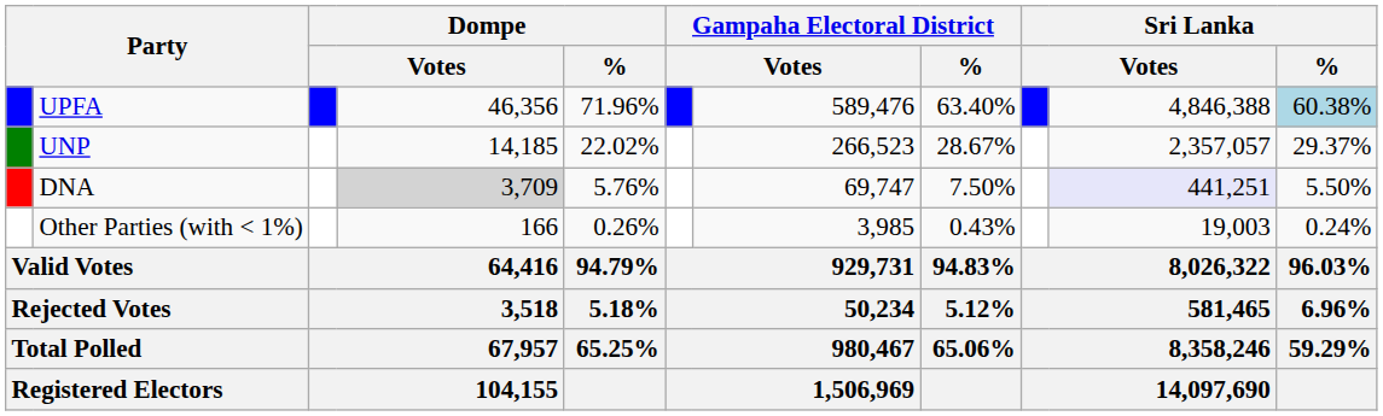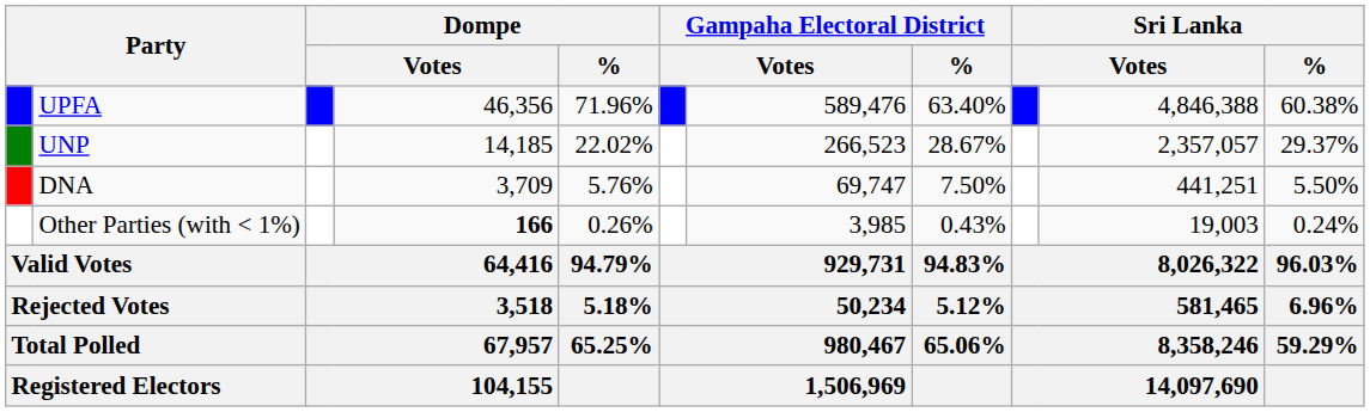 <table class="wikitable">
 <tr>
 <th colspan="2" width="144px"rowspan="2">Party</th>
 <th colspan="3" width="216px">Dompe</th>
 <th colspan="3" width="216px"><a href='#'>Gampaha Electoral District</a></th>
 <th colspan="3" width="216px">Sri Lanka</th>
 </tr>
 <tr>
 <th colspan="2" width="144px">Votes</th>
 <th>%</th>
 <th colspan="2" width="144px">Votes</th>
 <th>%</th>
 <th colspan="2" width="144px">Votes</th>
 <th>%</th>
 </tr>
 <tr>
 <td style="background-color:blue;" width="10px"></td>
 <td style="text-align:left;"><a href='#'>UPFA</a></td>
 <td style="background-color:blue;" width="10px"></td>
 <td style="text-align:right;">46,356</td>
 <td style="text-align:right;">71.96%</td>
 <td style="background-color:blue;" width="10px"></td>
 <td style="text-align:right;">589,476</td>
 <td style="text-align:right;">63.40%</td>
 <td style="background-color:blue;" width="10px"></td>
 <td style="text-align:right;">4,846,388</td>
-<td style="background: lightblue; text-align:right;">60.38%</td>
+<td style="text-align:right;">60.38%</td>
 </tr>
 <tr>
 <td style="background-color:green;" width="10px"></td>
 <td style="text-align:left;"><a href='#'>UNP</a></td>
 <td style="background-color:white;" width="10px"></td>
 <td style="text-align:right;">14,185</td>
 <td style="text-align:right;">22.02%</td>
 <td style="background-color:white;" width="10px"></td>
 <td style="text-align:right;">266,523</td>
 <td style="text-align:right;">28.67%</td>
 <td style="background-color:white;" width="10px"></td>
 <td style="text-align:right;">2,357,057</td>
 <td style="text-align:right;">29.37%</td>
 </tr>
 <tr>
 <td style="background-color:red;" width="10px"></td>
 <td style="text-align:left;">DNA</td>
 <td style="background-color:white;" width="10px"></td>
-<td style="background: lightgrey; text-align:right;">3,709</td>
+<td style="text-align:right;">3,709</td>
 <td style="text-align:right;">5.76%</td>
 <td style="background-color:white;" width="10px"></td>
 <td style="text-align:right;">69,747</td>
 <td style="text-align:right;">7.50%</td>
 <td style="background-color:white;" width="10px"></td>
-<td style="background: lavender; text-align:right;">441,251</td>
+<td style="text-align:right;">441,251</td>
 <td style="text-align:right;">5.50%</td>
 </tr>
 <tr>
 <td style="background-color:white;" width="10px"></td>
 <td style="text-align:left;">Other Parties (with < 1%)</td>
 <td style="background-color:white;" width="10px"></td>
-<td style="text-align:right;">166</td>
+<td style="text-align:right;"><strong>166</strong></td>
 <td style="text-align:right;">0.26%</td>
 <td style="background-color:white;" width="10px"></td>
 <td style="text-align:right;">3,985</td>
 <td style="text-align:right;">0.43%</td>
 <td style="background-color:white;" width="10px"></td>
 <td style="text-align:right;">19,003</td>
 <td style="text-align:right;">0.24%</td>
 </tr>
 <tr>
 <th colspan="2" width="144px"style="text-align:left;">Valid Votes</th>
 <th style="text-align:right;"colspan="2" width="144px">64,416</th>
 <th style="text-align:right;">94.79%</th>
 <th style="text-align:right;"colspan="2" width="144px">929,731</th>
 <th style="text-align:right;">94.83%</th>
 <th style="text-align:right;"colspan="2" width="144px">8,026,322</th>
 <th style="text-align:right;">96.03%</th>
 </tr>
 <tr>
 <th colspan="2" width="144px"style="text-align:left;">Rejected Votes</th>
 <th style="text-align:right;"colspan="2" width="144px">3,518</th>
 <th style="text-align:right;">5.18%</th>
 <th style="text-align:right;"colspan="2" width="144px">50,234</th>
 <th style="text-align:right;">5.12%</th>
 <th style="text-align:right;"colspan="2" width="144px">581,465</th>
 <th style="text-align:right;">6.96%</th>
 </tr>
 <tr>
 <th colspan="2" width="144px"style="text-align:left;">Total Polled</th>
 <th style="text-align:right;"colspan="2" width="144px">67,957</th>
 <th style="text-align:right;">65.25%</th>
 <th style="text-align:right;"colspan="2" width="144px">980,467</th>
 <th style="text-align:right;">65.06%</th>
 <th style="text-align:right;"colspan="2" width="144px">8,358,246</th>
 <th style="text-align:right;">59.29%</th>
 </tr>
 <tr>
 <th colspan="2" width="144px"style="text-align:left;">Registered Electors</th>
 <th style="text-align:right;"colspan="2" width="144px">104,155</th>
 <th></th>
 <th style="text-align:right;"colspan="2" width="144px">1,506,969</th>
 <th></th>
 <th style="text-align:right;"colspan="2" width="144px">14,097,690</th>
 <th></th>
 </tr>
 </table>
